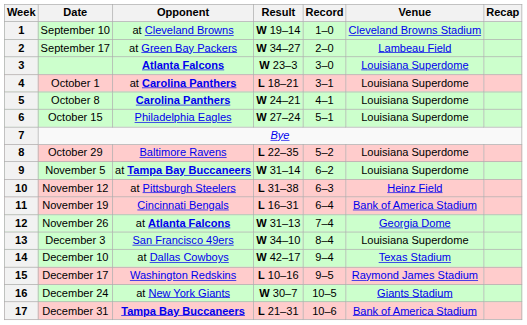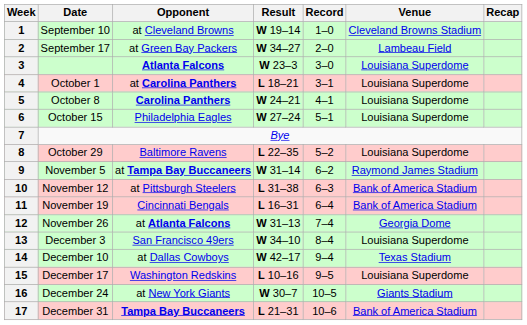 <table class="wikitable" style="text-align:center">
 <tr>
 <th>Week</th>
 <th>Date</th>
 <th>Opponent</th>
 <th>Result</th>
 <th>Record</th>
 <th>Venue</th>
 <th>Recap</th>
 </tr>
 <tr style="background: #cfc;">
 <th>1</th>
 <td>September 10</td>
 <td>at <a href='#'>Cleveland Browns</a></td>
 <td><strong>W</strong> 19–14</td>
 <td>1–0</td>
 <td><a href='#'>Cleveland Browns Stadium</a></td>
 <td></td>
 </tr>
 <tr style="background: #cfc;">
 <th>2</th>
 <td>September 17</td>
 <td>at <a href='#'>Green Bay Packers</a></td>
 <td><strong>W</strong> 34–27</td>
 <td>2–0</td>
 <td><a href='#'>Lambeau Field</a></td>
 <td></td>
 </tr>
 <tr style="background: #cfc;">
 <th>3</th>
 <td></td>
 <td><strong><a href='#'>Atlanta Falcons</a></strong></td>
 <td><strong>W</strong> 23–3</td>
 <td>3–0</td>
 <td><a href='#'>Louisiana Superdome</a></td>
 <td></td>
 </tr>
 <tr style="background: #fcc;">
 <th>4</th>
 <td>October 1</td>
 <td>at <strong><a href='#'>Carolina Panthers</a></strong></td>
 <td><strong>L</strong> 18–21</td>
 <td>3–1</td>
 <td>Louisiana Superdome</td>
 <td></td>
 </tr>
 <tr style="background: #cfc;">
 <th>5</th>
 <td>October 8</td>
 <td><strong><a href='#'>Carolina Panthers</a></strong></td>
 <td><strong>W</strong> 24–21</td>
 <td>4–1</td>
 <td>Louisiana Superdome</td>
 <td></td>
 </tr>
 <tr style="background: #cfc;">
 <th>6</th>
 <td>October 15</td>
 <td><a href='#'>Philadelphia Eagles</a></td>
 <td><strong>W</strong> 27–24</td>
 <td>5–1</td>
 <td>Louisiana Superdome</td>
 <td></td>
 </tr>
 <tr>
 <th>7</th>
 <td colspan="6" style="text-align:center;"><em><a href='#'>Bye</a></em></td>
 </tr>
 <tr style="background: #fcc;">
 <th>8</th>
 <td>October 29</td>
 <td><a href='#'>Baltimore Ravens</a></td>
 <td><strong>L</strong> 22–35</td>
 <td>5–2</td>
 <td>Louisiana Superdome</td>
 <td></td>
 </tr>
 <tr style="background: #cfc;">
 <th>9</th>
 <td>November 5</td>
 <td>at <strong><a href='#'>Tampa Bay Buccaneers</a></strong></td>
 <td><strong>W</strong> 31–14</td>
 <td>6–2</td>
-<td>Louisiana Superdome</td>
+<td><a href='#'>Raymond James Stadium</a></td>
 <td></td>
 </tr>
 <tr style="background: #fcc;">
 <th>10</th>
 <td>November 12</td>
 <td>at <a href='#'>Pittsburgh Steelers</a></td>
 <td><strong>L</strong> 31–38</td>
 <td>6–3</td>
-<td><a href='#'>Heinz Field</a></td>
+<td><a href='#'>Bank of America Stadium</a></td>
 <td></td>
 </tr>
 <tr style="background: #fcc;">
 <th>11</th>
 <td>November 19</td>
 <td><a href='#'>Cincinnati Bengals</a></td>
 <td><strong>L</strong> 16–31</td>
 <td>6–4</td>
 <td><a href='#'>Bank of America Stadium</a></td>
 <td></td>
 </tr>
 <tr style="background: #cfc;">
 <th>12</th>
 <td>November 26</td>
 <td>at <strong><a href='#'>Atlanta Falcons</a></strong></td>
 <td><strong>W</strong> 31–13</td>
 <td>7–4</td>
 <td><a href='#'>Georgia Dome</a></td>
 <td></td>
 </tr>
 <tr style="background: #cfc;">
 <th>13</th>
 <td>December 3</td>
 <td><a href='#'>San Francisco 49ers</a></td>
 <td><strong>W</strong> 34–10</td>
 <td>8–4</td>
 <td>Louisiana Superdome</td>
 <td></td>
 </tr>
 <tr style="background: #cfc;">
 <th>14</th>
 <td>December 10</td>
 <td>at <a href='#'>Dallas Cowboys</a></td>
 <td><strong>W</strong> 42–17</td>
 <td>9–4</td>
 <td><a href='#'>Texas Stadium</a></td>
 <td></td>
 </tr>
 <tr style="background: #fcc;">
 <th>15</th>
 <td>December 17</td>
 <td><a href='#'>Washington Redskins</a></td>
 <td><strong>L</strong> 10–16</td>
 <td>9–5</td>
-<td><a href='#'>Raymond James Stadium</a></td>
+<td>Louisiana Superdome</td>
 <td></td>
 </tr>
 <tr style="background: #cfc;">
 <th>16</th>
 <td>December 24</td>
 <td>at <a href='#'>New York Giants</a></td>
 <td><strong>W</strong> 30–7</td>
 <td>10–5</td>
 <td><a href='#'>Giants Stadium</a></td>
 <td></td>
 </tr>
 <tr style="background: #fcc;">
 <th>17</th>
 <td>December 31</td>
 <td><strong><a href='#'>Tampa Bay Buccaneers</a></strong></td>
 <td><strong>L</strong> 21–31</td>
 <td>10–6</td>
 <td><a href='#'>Bank of America Stadium</a></td>
 <td></td>
 </tr>
 </table>
